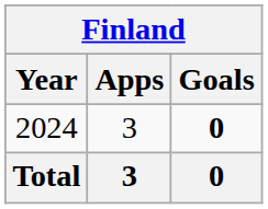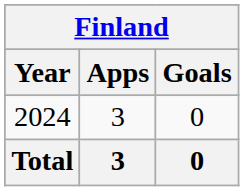 <table class=wikitable style=text-align:center>
 <tr>
 <th colspan=4><a href='#'>Finland</a></th>
 </tr>
 <tr>
 <th>Year</th>
 <th>Apps</th>
 <th>Goals</th>
 </tr>
 <tr>
 <td>2024</td>
 <td>3</td>
-<td><strong>0</strong></td>
+<td>0</td>
 </tr>
 <tr>
 <th colspan=1>Total</th>
 <th>3</th>
 <th>0</th>
 </tr>
 </table>
